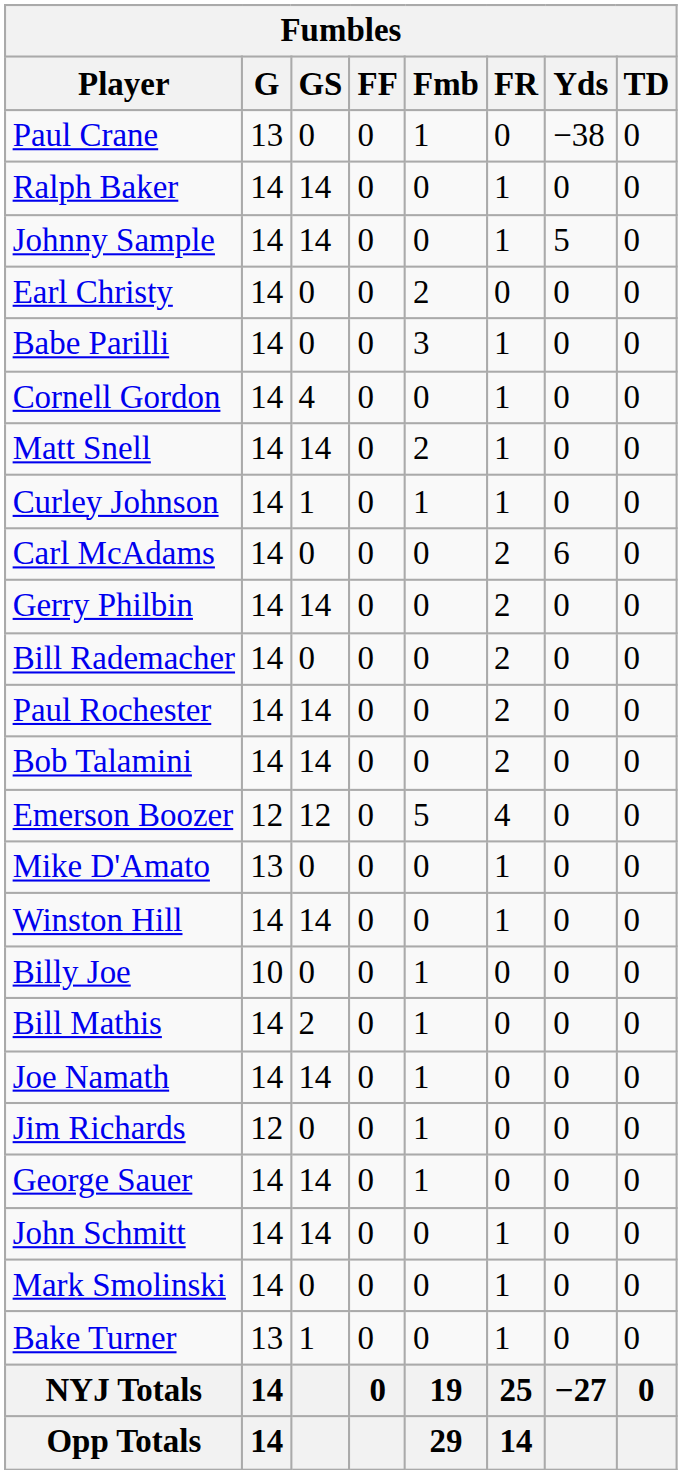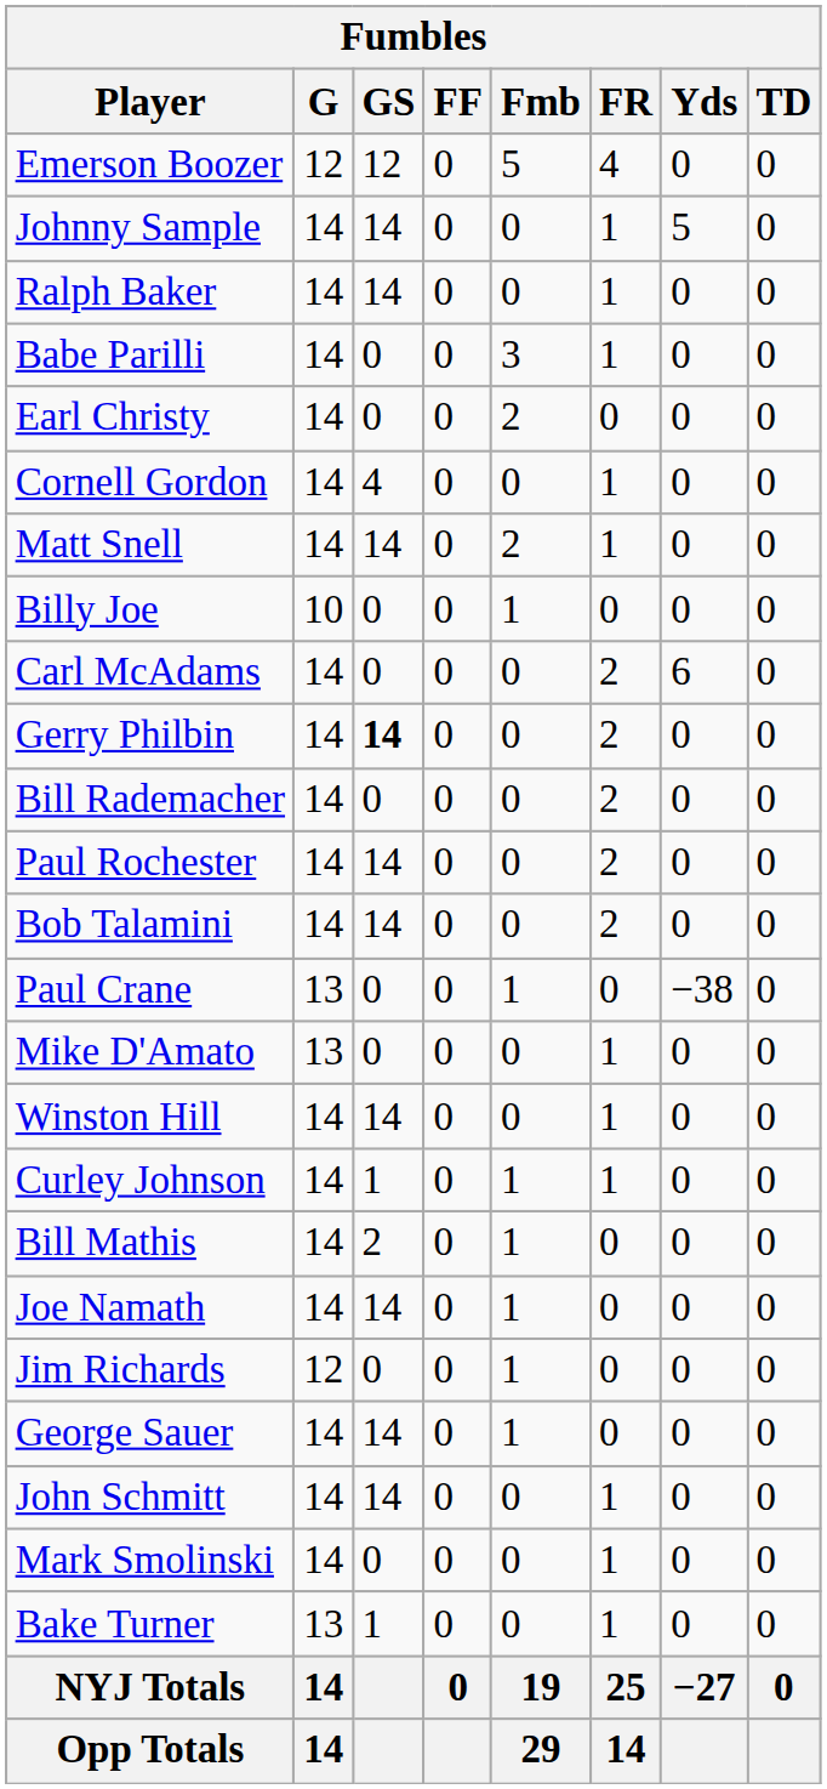 <table class="wikitable">
 <tr>
 <th colspan="8">Fumbles</th>
 </tr>
 <tr>
 <th>Player</th>
 <th>G</th>
 <th>GS</th>
 <th>FF</th>
 <th>Fmb</th>
 <th>FR</th>
 <th>Yds</th>
 <th>TD</th>
 </tr>
 <tr>
-<td><a href='#'>Paul Crane</a></td>
-<td>13</td>
+<td><a href='#'>Emerson Boozer</a></td>
+<td>12</td>
+<td>12</td>
 <td>0</td>
-<td>0</td>
-<td>1</td>
-<td>0</td>
-<td>−38</td>
-<td>0</td>
-</tr>
-<tr>
-<td><a href='#'>Ralph Baker</a></td>
-<td>14</td>
-<td>14</td>
-<td>0</td>
-<td>0</td>
-<td>1</td>
+<td>5</td>
+<td>4</td>
 <td>0</td>
 <td>0</td>
 </tr>
 <tr>
 <td><a href='#'>Johnny Sample</a></td>
 <td>14</td>
 <td>14</td>
 <td>0</td>
 <td>0</td>
 <td>1</td>
 <td>5</td>
 <td>0</td>
 </tr>
 <tr>
-<td><a href='#'>Earl Christy</a></td>
+<td><a href='#'>Ralph Baker</a></td>
+<td>14</td>
 <td>14</td>
 <td>0</td>
 <td>0</td>
-<td>2</td>
-<td>0</td>
+<td>1</td>
 <td>0</td>
 <td>0</td>
 </tr>
 <tr>
 <td><a href='#'>Babe Parilli</a></td>
 <td>14</td>
 <td>0</td>
 <td>0</td>
 <td>3</td>
 <td>1</td>
+<td>0</td>
+<td>0</td>
+</tr>
+<tr>
+<td><a href='#'>Earl Christy</a></td>
+<td>14</td>
+<td>0</td>
+<td>0</td>
+<td>2</td>
+<td>0</td>
 <td>0</td>
 <td>0</td>
 </tr>
 <tr>
 <td><a href='#'>Cornell Gordon</a></td>
 <td>14</td>
 <td>4</td>
 <td>0</td>
 <td>0</td>
 <td>1</td>
 <td>0</td>
 <td>0</td>
 </tr>
 <tr>
 <td><a href='#'>Matt Snell</a></td>
 <td>14</td>
 <td>14</td>
 <td>0</td>
 <td>2</td>
 <td>1</td>
 <td>0</td>
 <td>0</td>
 </tr>
 <tr>
-<td><a href='#'>Curley Johnson</a></td>
-<td>14</td>
+<td><a href='#'>Billy Joe</a></td>
+<td>10</td>
+<td>0</td>
+<td>0</td>
 <td>1</td>
 <td>0</td>
-<td>1</td>
-<td>1</td>
 <td>0</td>
 <td>0</td>
 </tr>
 <tr>
 <td><a href='#'>Carl McAdams</a></td>
 <td>14</td>
 <td>0</td>
 <td>0</td>
 <td>0</td>
 <td>2</td>
 <td>6</td>
 <td>0</td>
 </tr>
 <tr>
 <td><a href='#'>Gerry Philbin</a></td>
 <td>14</td>
-<td>14</td>
+<td><strong>14</strong></td>
 <td>0</td>
 <td>0</td>
 <td>2</td>
 <td>0</td>
 <td>0</td>
 </tr>
 <tr>
 <td><a href='#'>Bill Rademacher</a></td>
 <td>14</td>
 <td>0</td>
 <td>0</td>
 <td>0</td>
 <td>2</td>
 <td>0</td>
 <td>0</td>
 </tr>
 <tr>
 <td><a href='#'>Paul Rochester</a></td>
 <td>14</td>
 <td>14</td>
 <td>0</td>
 <td>0</td>
 <td>2</td>
 <td>0</td>
 <td>0</td>
 </tr>
 <tr>
 <td><a href='#'>Bob Talamini</a></td>
 <td>14</td>
 <td>14</td>
 <td>0</td>
 <td>0</td>
 <td>2</td>
 <td>0</td>
 <td>0</td>
 </tr>
 <tr>
-<td><a href='#'>Emerson Boozer</a></td>
-<td>12</td>
-<td>12</td>
+<td><a href='#'>Paul Crane</a></td>
+<td>13</td>
 <td>0</td>
-<td>5</td>
-<td>4</td>
 <td>0</td>
+<td>1</td>
+<td>0</td>
+<td>−38</td>
 <td>0</td>
 </tr>
 <tr>
 <td><a href='#'>Mike D'Amato</a></td>
 <td>13</td>
 <td>0</td>
 <td>0</td>
 <td>0</td>
 <td>1</td>
 <td>0</td>
 <td>0</td>
 </tr>
 <tr>
 <td><a href='#'>Winston Hill</a></td>
 <td>14</td>
 <td>14</td>
 <td>0</td>
 <td>0</td>
 <td>1</td>
 <td>0</td>
 <td>0</td>
 </tr>
 <tr>
-<td><a href='#'>Billy Joe</a></td>
-<td>10</td>
-<td>0</td>
+<td><a href='#'>Curley Johnson</a></td>
+<td>14</td>
+<td>1</td>
 <td>0</td>
 <td>1</td>
-<td>0</td>
+<td>1</td>
 <td>0</td>
 <td>0</td>
 </tr>
 <tr>
 <td><a href='#'>Bill Mathis</a></td>
 <td>14</td>
 <td>2</td>
 <td>0</td>
 <td>1</td>
 <td>0</td>
 <td>0</td>
 <td>0</td>
 </tr>
 <tr>
 <td><a href='#'>Joe Namath</a></td>
 <td>14</td>
 <td>14</td>
 <td>0</td>
 <td>1</td>
 <td>0</td>
 <td>0</td>
 <td>0</td>
 </tr>
 <tr>
 <td><a href='#'>Jim Richards</a></td>
 <td>12</td>
 <td>0</td>
 <td>0</td>
 <td>1</td>
 <td>0</td>
 <td>0</td>
 <td>0</td>
 </tr>
 <tr>
 <td><a href='#'>George Sauer</a></td>
 <td>14</td>
 <td>14</td>
 <td>0</td>
 <td>1</td>
 <td>0</td>
 <td>0</td>
 <td>0</td>
 </tr>
 <tr>
 <td><a href='#'>John Schmitt</a></td>
 <td>14</td>
 <td>14</td>
 <td>0</td>
 <td>0</td>
 <td>1</td>
 <td>0</td>
 <td>0</td>
 </tr>
 <tr>
 <td><a href='#'>Mark Smolinski</a></td>
 <td>14</td>
 <td>0</td>
 <td>0</td>
 <td>0</td>
 <td>1</td>
 <td>0</td>
 <td>0</td>
 </tr>
 <tr>
 <td><a href='#'>Bake Turner</a></td>
 <td>13</td>
 <td>1</td>
 <td>0</td>
 <td>0</td>
 <td>1</td>
 <td>0</td>
 <td>0</td>
 </tr>
 <tr>
 <th><strong>NYJ Totals</strong></th>
 <th>14</th>
 <th></th>
 <th>0</th>
 <th>19</th>
 <th>25</th>
 <th>−27</th>
 <th>0</th>
 </tr>
 <tr>
 <th><strong>Opp Totals</strong></th>
 <th>14</th>
 <th></th>
 <th></th>
 <th>29</th>
 <th>14</th>
 <th></th>
 <th></th>
 </tr>
 </table>
